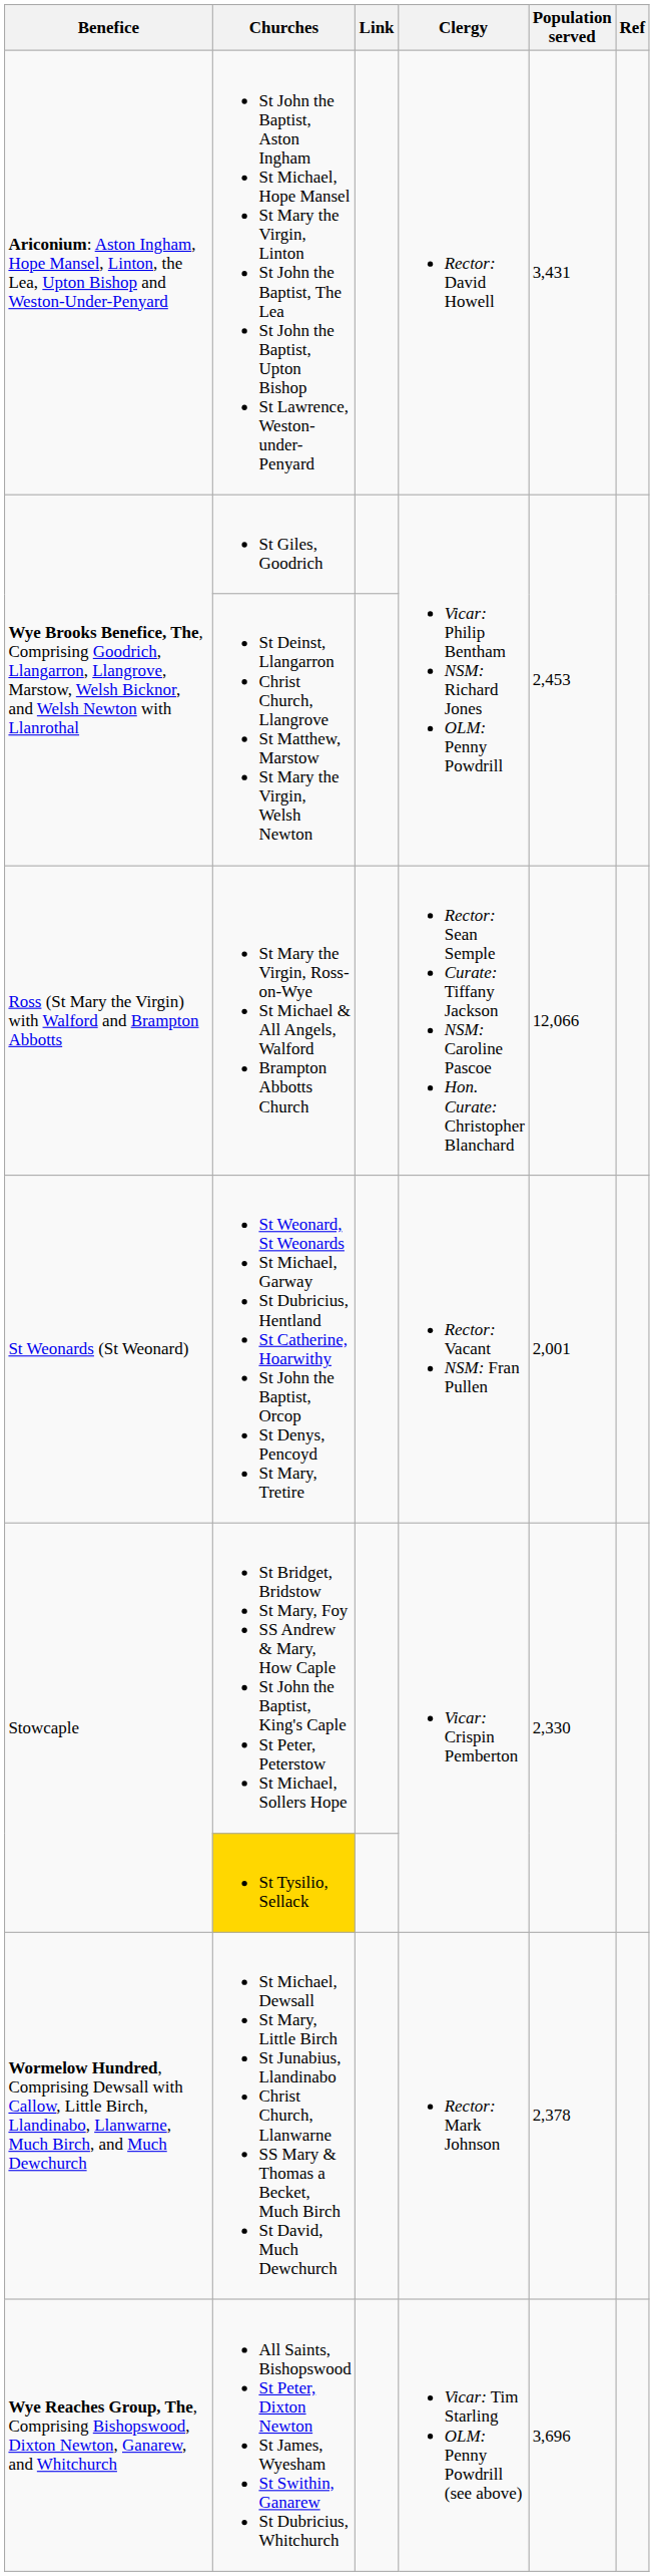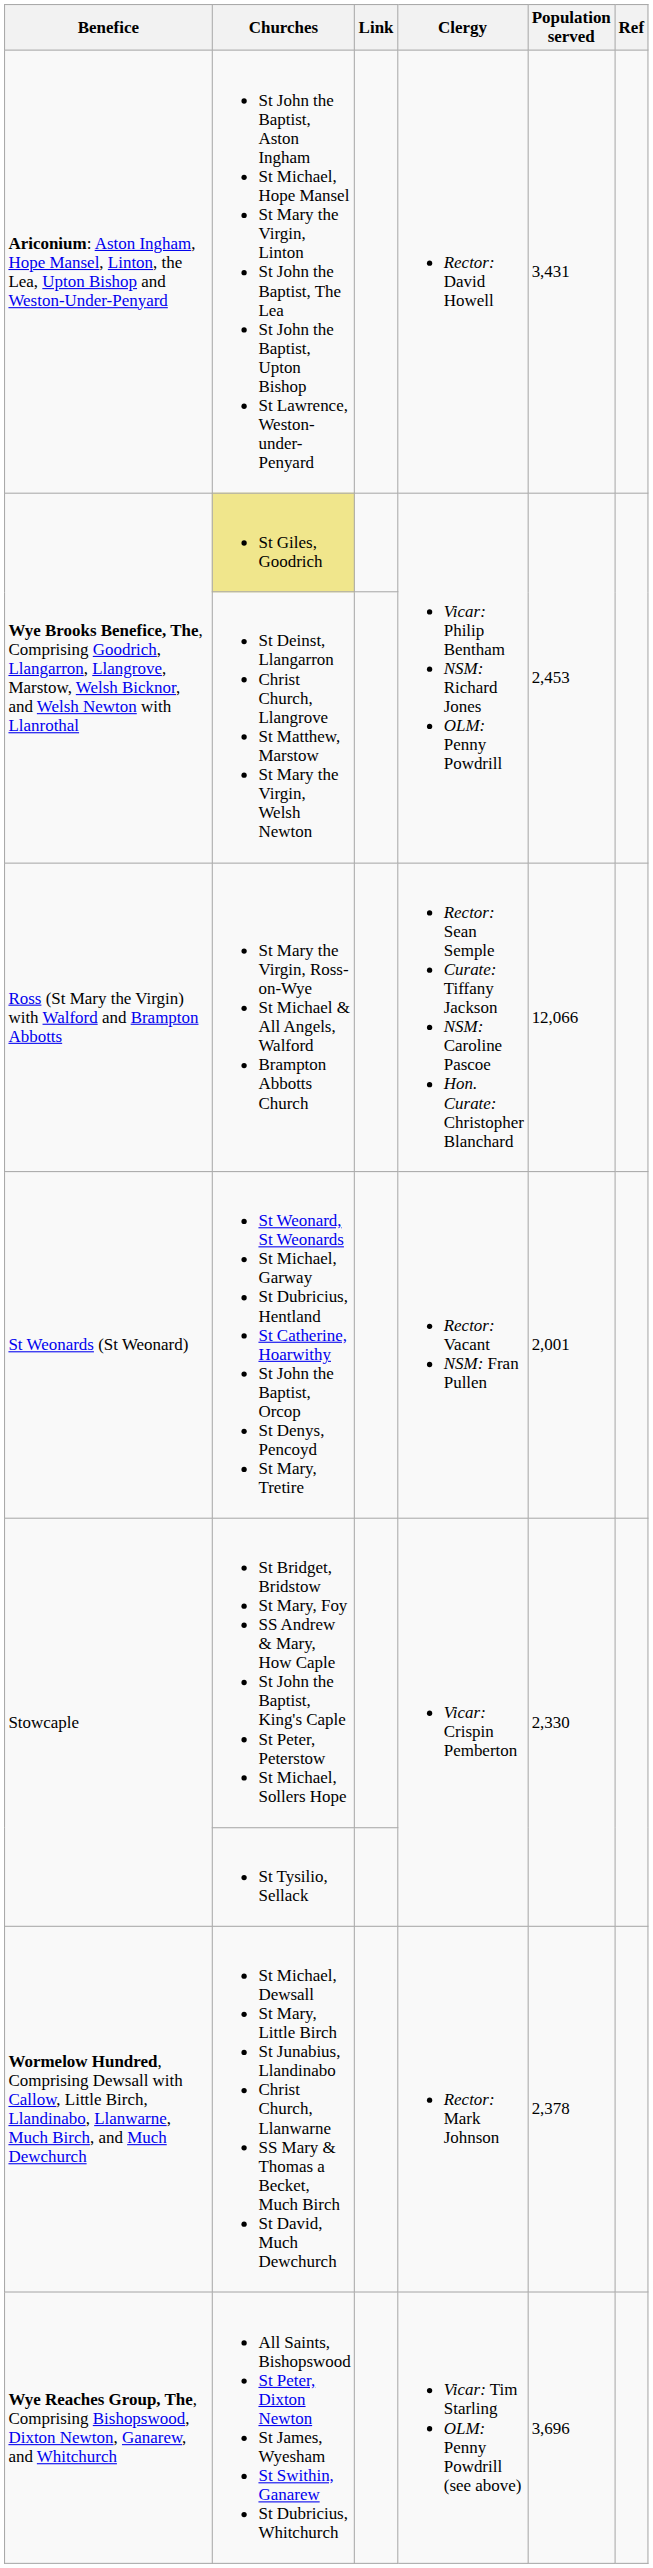 <table class="wikitable">
 <tr>
 <th width="425">Benefice</th>
 <th>Churches</th>
 <th>Link</th>
 <th>Clergy</th>
 <th>Population served</th>
 <th>Ref</th>
 </tr>
 <tr>
 <td><strong>Ariconium</strong>: <a href='#'>Aston Ingham</a>, <a href='#'>Hope Mansel</a>, <a href='#'>Linton</a>, the Lea, <a href='#'>Upton Bishop</a> and <a href='#'>Weston-Under-Penyard</a></td>
 <td><br><ul><li>St John the Baptist, Aston Ingham</li><li>St Michael, Hope Mansel</li><li>St Mary the Virgin, Linton</li><li>St John the Baptist, The Lea</li><li>St John the Baptist, Upton Bishop</li><li>St Lawrence, Weston-under-Penyard</li></ul></td>
 <td></td>
 <td><br><ul><li><em>Rector:</em> David Howell</li></ul></td>
 <td>3,431</td>
 <td></td>
 </tr>
 <tr>
 <td rowspan="2"><strong>Wye Brooks Benefice, The</strong>, Comprising <a href='#'>Goodrich</a>, <a href='#'>Llangarron</a>, <a href='#'>Llangrove</a>, Marstow, <a href='#'>Welsh Bicknor</a>, and <a href='#'>Welsh Newton</a> with <a href='#'>Llanrothal</a></td>
-<td><br><ul><li>St Giles, Goodrich</li></ul></td>
+<td style="background: khaki;"><br><ul><li>St Giles, Goodrich</li></ul></td>
 <td></td>
 <td rowspan="2"><br><ul><li><em>Vicar:</em> Philip Bentham</li><li><em>NSM:</em> Richard Jones</li><li><em>OLM:</em> Penny Powdrill</li></ul></td>
 <td rowspan="2">2,453</td>
 <td rowspan="2"></td>
 </tr>
 <tr>
 <td><br><ul><li>St Deinst, Llangarron</li><li>Christ Church, Llangrove</li><li>St Matthew, Marstow</li><li>St Mary the Virgin, Welsh Newton</li></ul></td>
 <td></td>
 </tr>
 <tr>
 <td><a href='#'>Ross</a> (St Mary the Virgin) with <a href='#'>Walford</a> and <a href='#'>Brampton Abbotts</a></td>
 <td><br><ul><li>St Mary the Virgin, Ross-on-Wye</li><li>St Michael & All Angels, Walford</li><li>Brampton Abbotts Church</li></ul></td>
 <td></td>
 <td><br><ul><li><em>Rector:</em> Sean Semple</li><li><em>Curate:</em> Tiffany Jackson</li><li><em>NSM:</em> Caroline Pascoe</li><li><em>Hon. Curate:</em> Christopher Blanchard</li></ul></td>
 <td>12,066</td>
 <td></td>
 </tr>
 <tr>
 <td><a href='#'>St Weonards</a> (St Weonard)</td>
 <td><br><ul><li><a href='#'>St Weonard, St Weonards</a></li><li>St Michael, Garway</li><li>St Dubricius, Hentland</li><li><a href='#'>St Catherine, Hoarwithy</a></li><li>St John the Baptist, Orcop</li><li>St Denys, Pencoyd</li><li>St Mary, Tretire</li></ul></td>
 <td></td>
 <td><br><ul><li><em>Rector:</em> Vacant</li><li><em>NSM:</em> Fran Pullen</li></ul></td>
 <td>2,001</td>
 <td></td>
 </tr>
 <tr>
 <td rowspan="2">Stowcaple</td>
 <td><br><ul><li>St Bridget, Bridstow</li><li>St Mary, Foy</li><li>SS Andrew & Mary, How Caple</li><li>St John the Baptist, King's Caple</li><li>St Peter, Peterstow</li><li>St Michael, Sollers Hope</li></ul></td>
 <td></td>
 <td rowspan="2"><br><ul><li><em>Vicar:</em> Crispin Pemberton</li></ul></td>
 <td rowspan="2">2,330</td>
 <td rowspan="2"></td>
 </tr>
 <tr>
-<td style="background: gold;"><br><ul><li>St Tysilio, Sellack</li></ul></td>
+<td><br><ul><li>St Tysilio, Sellack</li></ul></td>
 <td></td>
 </tr>
 <tr>
 <td><strong>Wormelow Hundred</strong>, Comprising Dewsall with <a href='#'>Callow</a>, Little Birch, <a href='#'>Llandinabo</a>, <a href='#'>Llanwarne</a>, <a href='#'>Much Birch</a>, and <a href='#'>Much Dewchurch</a></td>
 <td><br><ul><li>St Michael, Dewsall</li><li>St Mary, Little Birch</li><li>St Junabius, Llandinabo</li><li>Christ Church, Llanwarne</li><li>SS Mary & Thomas a Becket, Much Birch</li><li>St David, Much Dewchurch</li></ul></td>
 <td></td>
 <td><br><ul><li><em>Rector:</em> Mark Johnson</li></ul></td>
 <td>2,378</td>
 <td></td>
 </tr>
 <tr>
 <td><strong>Wye Reaches Group, The</strong>, Comprising <a href='#'>Bishopswood</a>, <a href='#'>Dixton Newton</a>, <a href='#'>Ganarew</a>, and <a href='#'>Whitchurch</a></td>
 <td><br><ul><li>All Saints, Bishopswood</li><li><a href='#'>St Peter, Dixton Newton</a></li><li>St James, Wyesham</li><li><a href='#'>St Swithin, Ganarew</a></li><li>St Dubricius, Whitchurch</li></ul></td>
 <td></td>
 <td><br><ul><li><em>Vicar:</em> Tim Starling</li><li><em>OLM:</em> Penny Powdrill (see above)</li></ul></td>
 <td>3,696</td>
 <td></td>
 </tr>
 </table>
